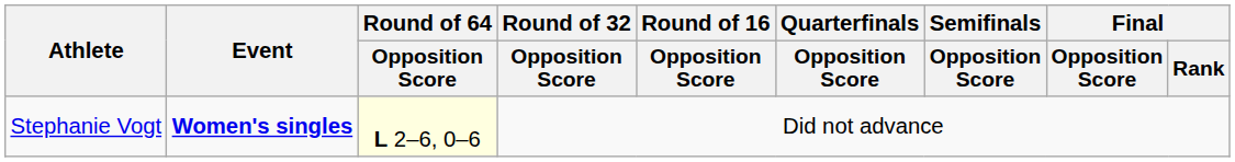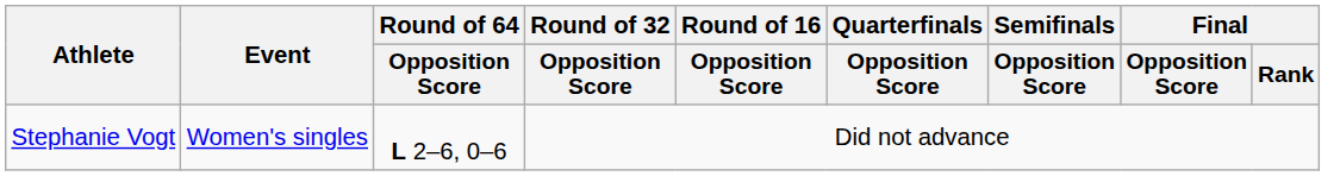 <table class=wikitable style="font-size:90%">
 <tr>
 <th rowspan="2">Athlete</th>
 <th rowspan="2">Event</th>
 <th>Round of 64</th>
 <th>Round of 32</th>
 <th>Round of 16</th>
 <th>Quarterfinals</th>
 <th>Semifinals</th>
 <th colspan=2>Final</th>
 </tr>
 <tr style="font-size:95%">
 <th>Opposition<br>Score</th>
 <th>Opposition<br>Score</th>
 <th>Opposition<br>Score</th>
 <th>Opposition<br>Score</th>
 <th>Opposition<br>Score</th>
 <th>Opposition<br>Score</th>
 <th>Rank</th>
 </tr>
 <tr align=center>
 <td align=left><a href='#'>Stephanie Vogt</a></td>
-<td align=left><strong><a href='#'>Women's singles</a></strong></td>
-<td style="background: lightyellow;"><br><strong>L</strong> 2–6, 0–6</td>
+<td align=left><a href='#'>Women's singles</a></td>
+<td><br><strong>L</strong> 2–6, 0–6</td>
 <td colspan=6>Did not advance</td>
 </tr>
 </table>
